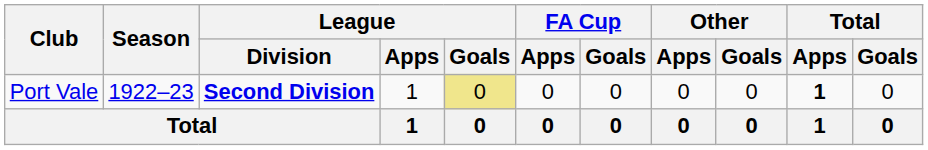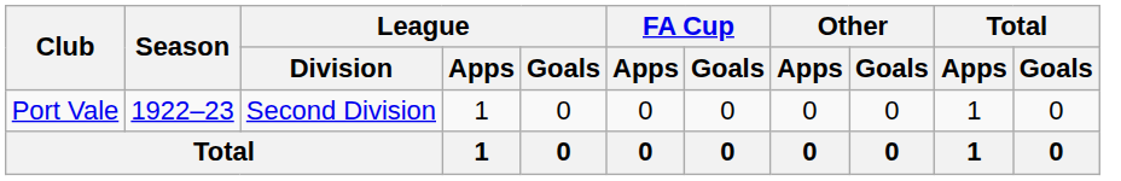 <table class="wikitable" style="text-align:center">
 <tr>
 <th rowspan="2">Club</th>
 <th rowspan="2">Season</th>
 <th colspan="3">League</th>
 <th colspan="2"><a href='#'>FA Cup</a></th>
 <th colspan="2">Other</th>
 <th colspan="2">Total</th>
 </tr>
 <tr>
 <th>Division</th>
 <th>Apps</th>
 <th>Goals</th>
 <th>Apps</th>
 <th>Goals</th>
 <th>Apps</th>
 <th>Goals</th>
 <th>Apps</th>
 <th>Goals</th>
 </tr>
 <tr>
 <td><a href='#'>Port Vale</a></td>
 <td><a href='#'>1922–23</a></td>
-<td><strong><a href='#'>Second Division</a></strong></td>
+<td><a href='#'>Second Division</a></td>
 <td>1</td>
-<td style="background: khaki;">0</td>
 <td>0</td>
 <td>0</td>
 <td>0</td>
 <td>0</td>
-<td><strong>1</strong></td>
+<td>0</td>
+<td>1</td>
 <td>0</td>
 </tr>
 <tr>
 <th colspan="3">Total</th>
 <th>1</th>
 <th>0</th>
 <th>0</th>
 <th>0</th>
 <th>0</th>
 <th>0</th>
 <th>1</th>
 <th>0</th>
 </tr>
 </table>
